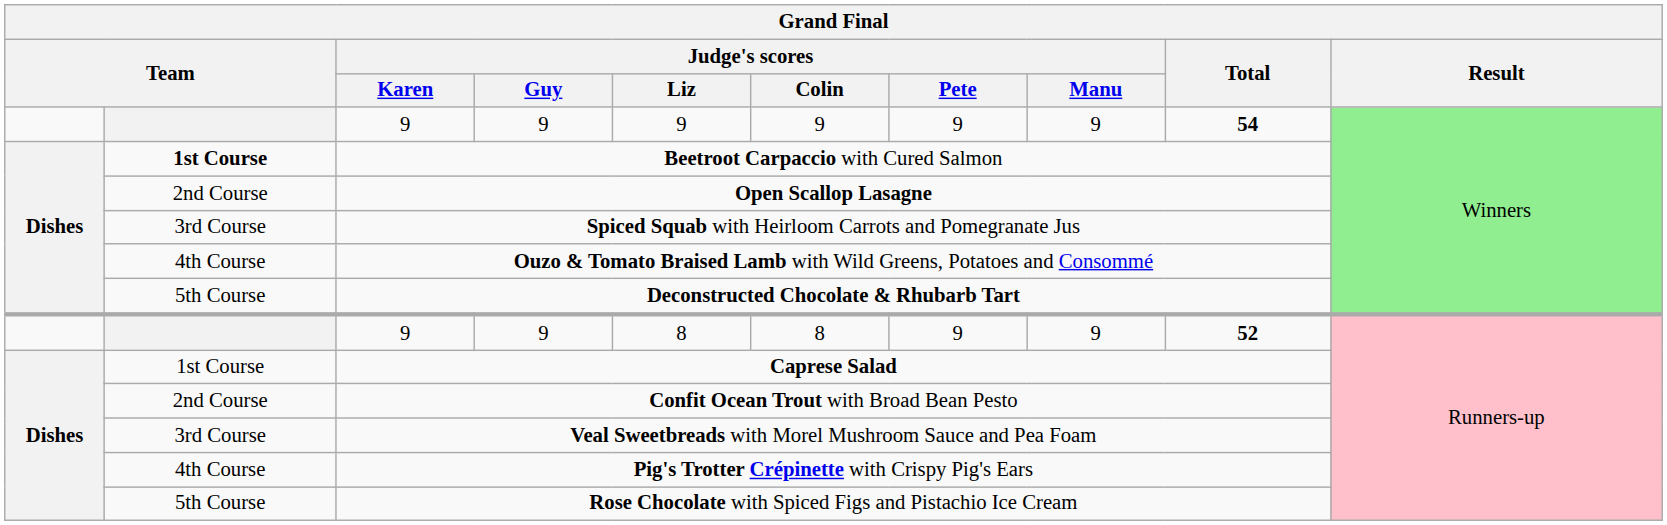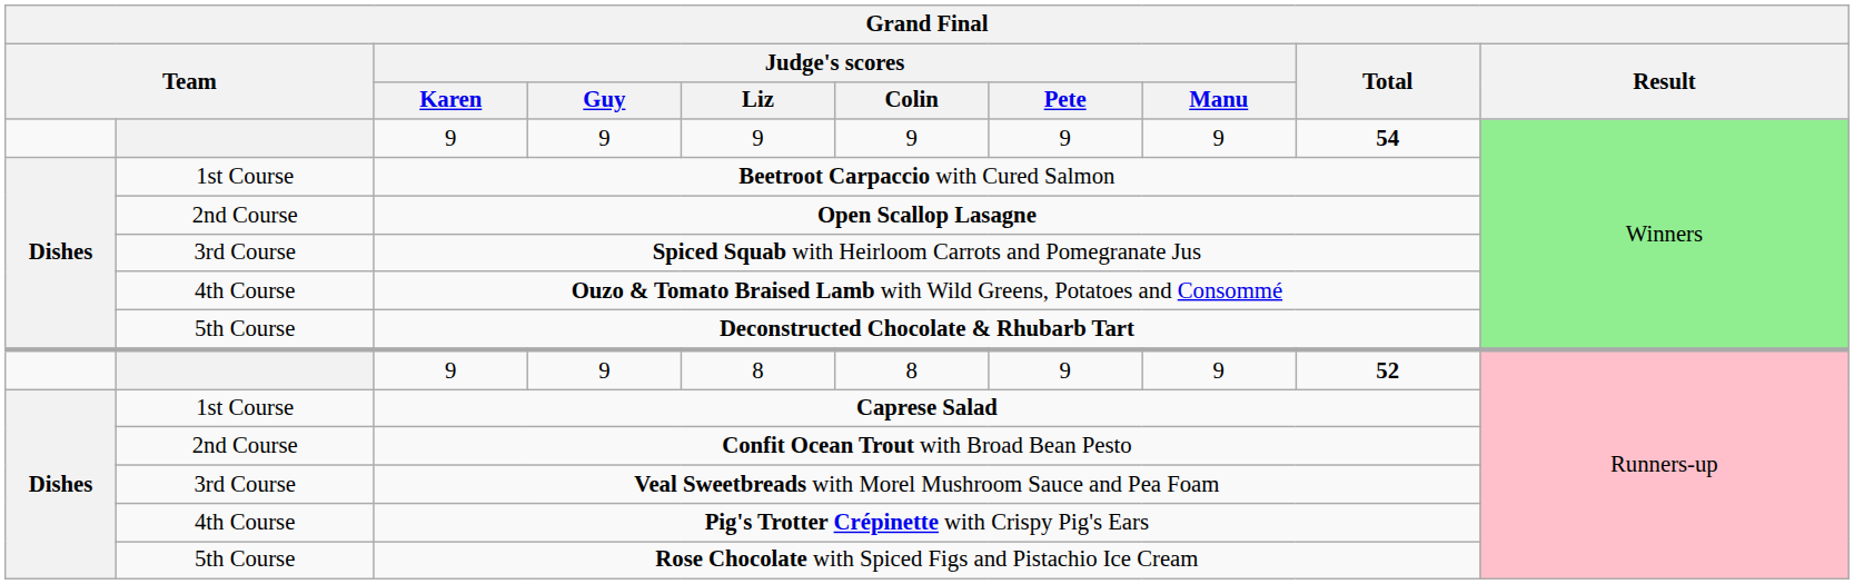 <table class="wikitable plainrowheaders" style="margin:1em auto; text-align:center; font-size:90%; width:80em;">
 <tr>
 <th colspan="10" >Grand Final</th>
 </tr>
 <tr>
 <th rowspan="2" style="width:20%;" colspan="2">Team</th>
 <th colspan="6" style="width:50%;">Judge's scores</th>
 <th rowspan="2" style="width:10%;">Total<br></th>
 <th rowspan="2" style="width:20%;">Result</th>
 </tr>
 <tr>
 <th style="width:50px;"><a href='#'>Karen</a></th>
 <th style="width:50px;"><a href='#'>Guy</a></th>
 <th style="width:50px;">Liz</th>
 <th style="width:50px;">Colin</th>
 <th style="width:50px;"><a href='#'>Pete</a></th>
 <th style="width:50px;"><a href='#'>Manu</a></th>
 </tr>
 <tr>
 <td></td>
 <th></th>
 <td>9</td>
 <td>9</td>
 <td>9</td>
 <td>9</td>
 <td>9</td>
 <td>9</td>
 <td><strong>54</strong></td>
 <td rowspan="6" style=background:lightgreen>Winners</td>
 </tr>
 <tr>
 <th rowspan="5">Dishes</th>
-<td><strong>1st Course</strong></td>
+<td>1st Course</td>
 <td colspan="7"><strong>Beetroot Carpaccio</strong> with Cured Salmon</td>
 </tr>
 <tr>
 <td>2nd Course</td>
 <td colspan="7"><strong>Open Scallop Lasagne</strong></td>
 </tr>
 <tr>
 <td>3rd Course</td>
 <td colspan="7"><strong>Spiced Squab</strong> with Heirloom Carrots and Pomegranate Jus</td>
 </tr>
 <tr>
 <td>4th Course</td>
 <td colspan="7"><strong>Ouzo & Tomato Braised Lamb</strong> with Wild Greens, Potatoes and <a href='#'>Consommé</a></td>
 </tr>
 <tr>
 <td>5th Course</td>
 <td colspan="7"><strong>Deconstructed Chocolate & Rhubarb Tart</strong></td>
 </tr>
 <tr style="border-top:3px solid #aaa;">
 <td></td>
 <th style="width:14%;"></th>
 <td>9</td>
 <td>9</td>
 <td>8</td>
 <td>8</td>
 <td>9</td>
 <td>9</td>
 <td><strong>52</strong></td>
 <td rowspan="6" style=background:pink>Runners-up</td>
 </tr>
 <tr>
 <th rowspan="5">Dishes</th>
 <td>1st Course</td>
 <td colspan="7"><strong>Caprese Salad</strong></td>
 </tr>
 <tr>
 <td>2nd Course</td>
 <td colspan="7"><strong>Confit Ocean Trout</strong> with Broad Bean Pesto</td>
 </tr>
 <tr>
 <td>3rd Course</td>
 <td colspan="7"><strong>Veal Sweetbreads</strong> with Morel Mushroom Sauce and Pea Foam</td>
 </tr>
 <tr>
 <td>4th Course</td>
 <td colspan="7"><strong>Pig's Trotter <a href='#'>Crépinette</a></strong> with Crispy Pig's Ears</td>
 </tr>
 <tr>
 <td>5th Course</td>
 <td colspan="7"><strong>Rose Chocolate</strong> with Spiced Figs and Pistachio Ice Cream</td>
 </tr>
 </table>
